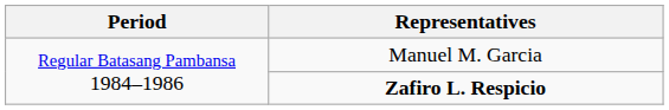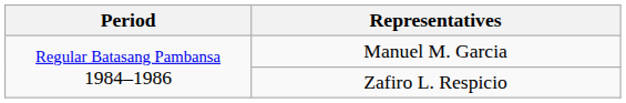 <table class="wikitable" style="text-align:center; width:40%;">
 <tr>
 <th width="40%">Period</th>
 <th>Representatives</th>
 </tr>
 <tr>
 <td rowspan="2"><small><a href='#'>Regular Batasang Pambansa</a></small><br>1984–1986</td>
 <td>Manuel M. Garcia</td>
 </tr>
 <tr>
-<td><strong>Zafiro L. Respicio</strong></td>
+<td>Zafiro L. Respicio</td>
 </tr>
 </table>
